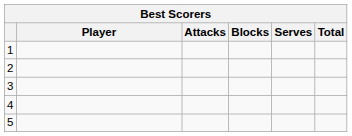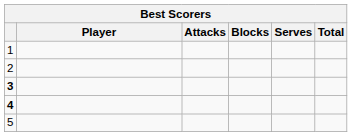 <table class="wikitable sortable" style=font-size:90%>
 <tr>
 <th colspan=6>Best Scorers</th>
 </tr>
 <tr>
 <th></th>
 <th width=200>Player</th>
 <th width=20>Attacks</th>
 <th width=20>Blocks</th>
 <th width=20>Serves</th>
 <th width=20>Total</th>
 </tr>
 <tr>
 <td>1</td>
 <td></td>
 <td align=center></td>
 <td align=center></td>
 <td align=center></td>
 <td align=center></td>
 </tr>
 <tr>
 <td>2</td>
 <td></td>
 <td align=center></td>
 <td align=center></td>
 <td align=center></td>
 <td align=center></td>
 </tr>
 <tr>
-<td>3</td>
+<td><strong>3</strong></td>
 <td></td>
 <td align=center></td>
 <td align=center></td>
 <td align=center></td>
 <td align=center></td>
 </tr>
 <tr>
-<td>4</td>
+<td><strong>4</strong></td>
 <td></td>
 <td align=center></td>
 <td align=center></td>
 <td align=center></td>
 <td align=center></td>
 </tr>
 <tr>
 <td>5</td>
 <td></td>
 <td align=center></td>
 <td align=center></td>
 <td align=center></td>
 <td align=center></td>
 </tr>
 </table>
